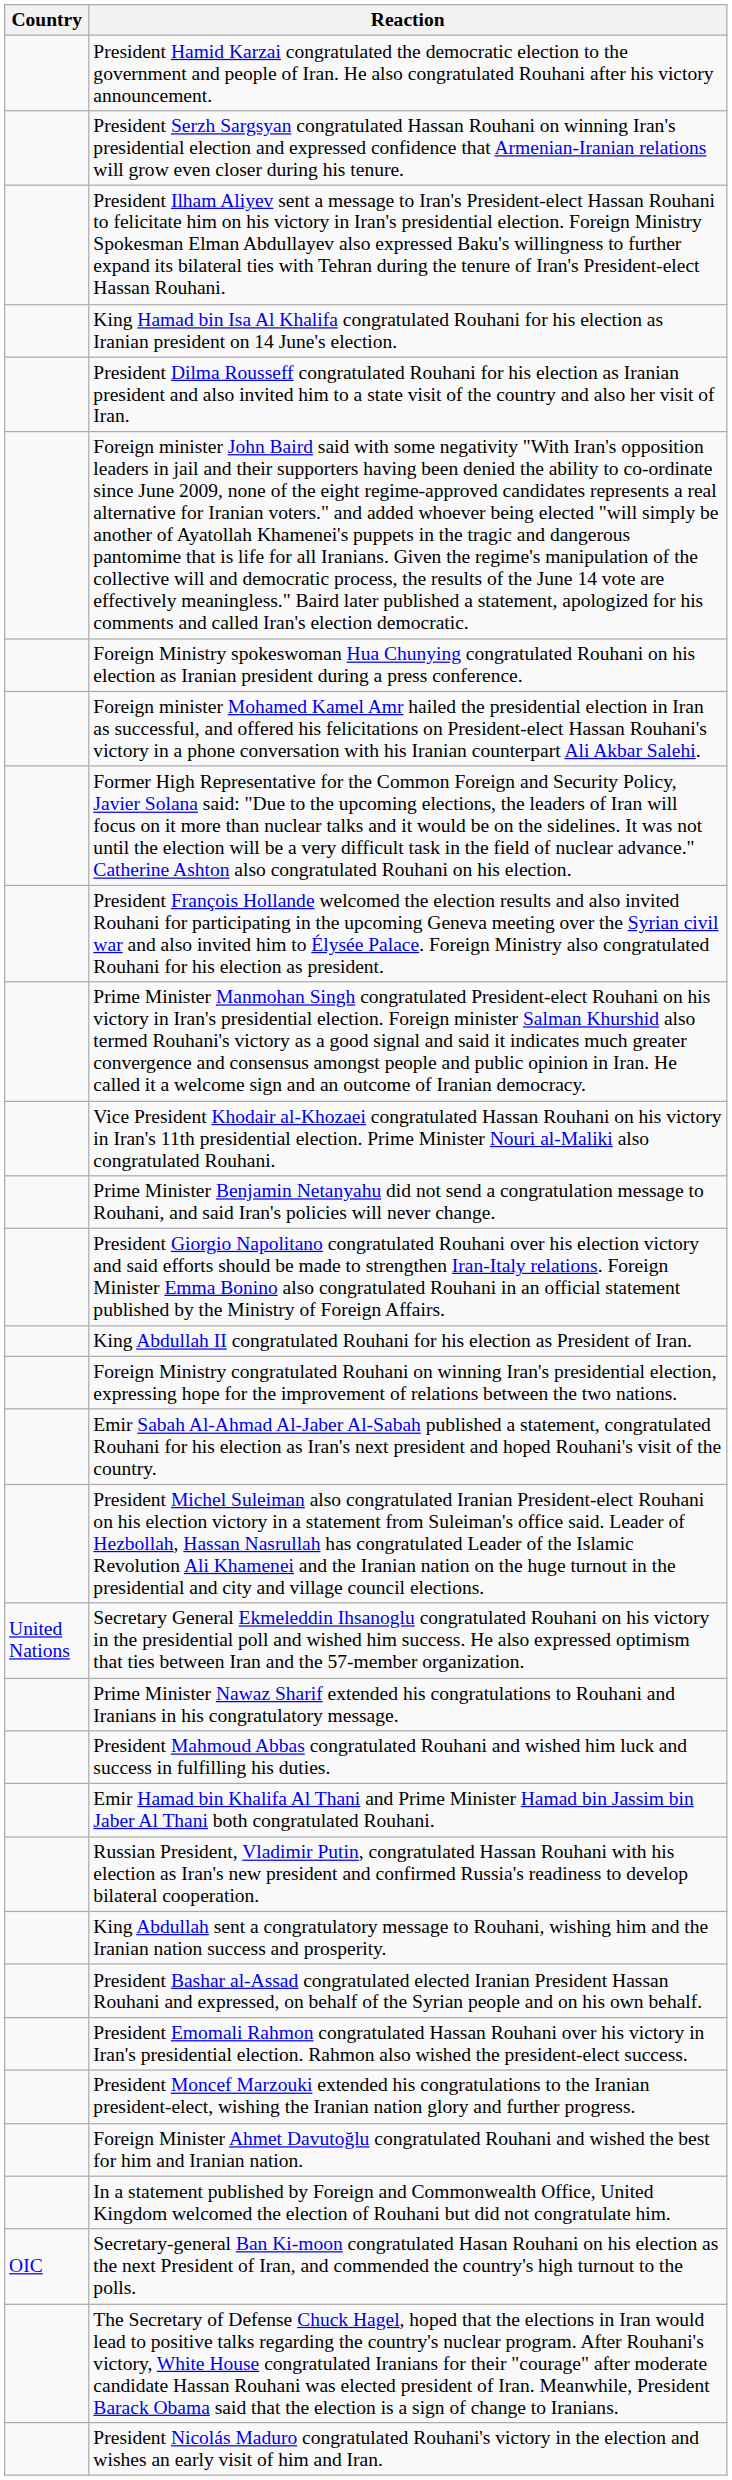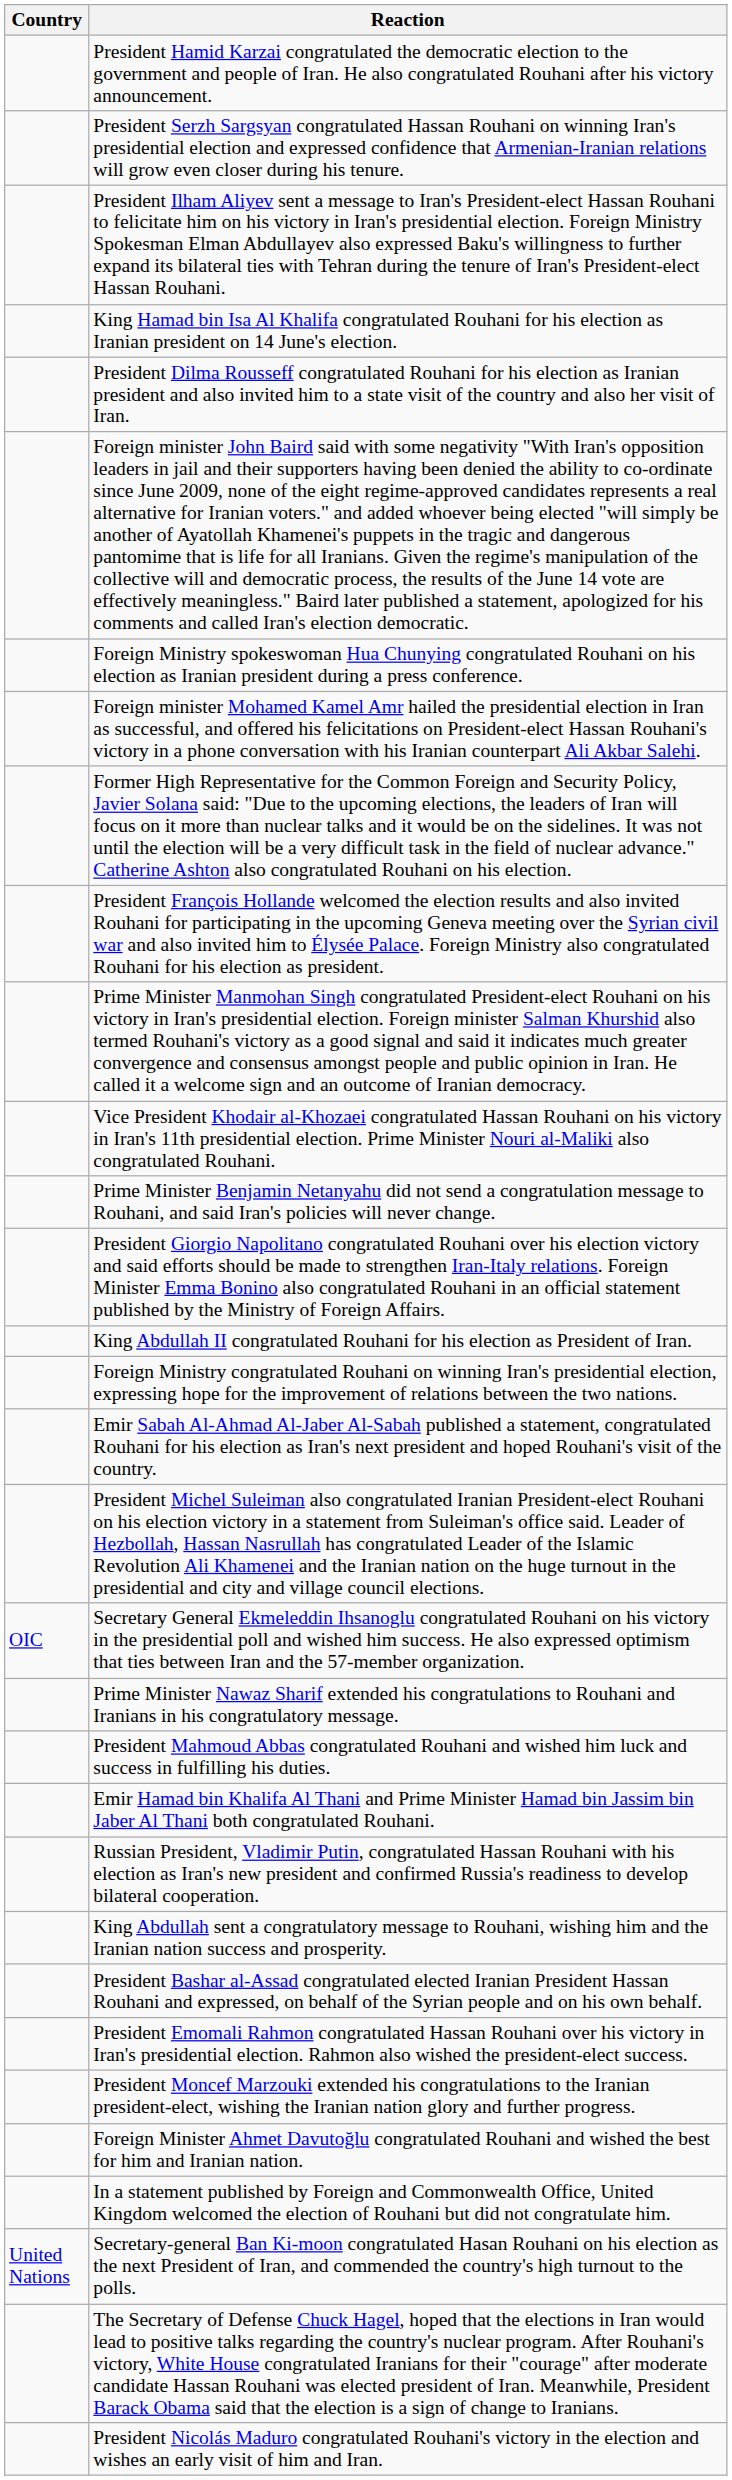 <table class="wikitable sortable collapsible collapsed" style="width:95%;">
 <tr>
 <th>Country</th>
 <th>Reaction</th>
 </tr>
 <tr>
 <td></td>
 <td>President <a href='#'>Hamid Karzai</a> congratulated the democratic election to the government and people of Iran. He also congratulated Rouhani after his victory announcement.</td>
 </tr>
 <tr>
 <td></td>
 <td>President <a href='#'>Serzh Sargsyan</a> congratulated Hassan Rouhani on winning Iran's presidential election and expressed confidence that <a href='#'>Armenian-Iranian relations</a> will grow even closer during his tenure.</td>
 </tr>
 <tr>
 <td></td>
 <td>President <a href='#'>Ilham Aliyev</a> sent a message to Iran's President-elect Hassan Rouhani to felicitate him on his victory in Iran's presidential election. Foreign Ministry Spokesman Elman Abdullayev also expressed Baku's willingness to further expand its bilateral ties with Tehran during the tenure of Iran's President-elect Hassan Rouhani.</td>
 </tr>
 <tr>
 <td></td>
 <td>King <a href='#'>Hamad bin Isa Al Khalifa</a> congratulated Rouhani for his election as Iranian president on 14 June's election.</td>
 </tr>
 <tr>
 <td></td>
 <td>President <a href='#'>Dilma Rousseff</a> congratulated Rouhani for his election as Iranian president and also invited him to a state visit of the country and also her visit of Iran.</td>
 </tr>
 <tr>
 <td></td>
 <td>Foreign minister <a href='#'>John Baird</a> said with some negativity "With Iran's opposition leaders in jail and their supporters having been denied the ability to co-ordinate since June 2009, none of the eight regime-approved candidates represents a real alternative for Iranian voters." and added whoever being elected "will simply be another of Ayatollah Khamenei's puppets in the tragic and dangerous pantomime that is life for all Iranians. Given the regime's manipulation of the collective will and democratic process, the results of the June 14 vote are effectively meaningless." Baird later published a statement, apologized for his comments and called Iran's election democratic.</td>
 </tr>
 <tr>
 <td></td>
 <td>Foreign Ministry spokeswoman <a href='#'>Hua Chunying</a> congratulated Rouhani on his election as Iranian president during a press conference.</td>
 </tr>
 <tr>
 <td></td>
 <td>Foreign minister <a href='#'>Mohamed Kamel Amr</a> hailed the presidential election in Iran as successful, and offered his felicitations on President-elect Hassan Rouhani's victory in a phone conversation with his Iranian counterpart <a href='#'>Ali Akbar Salehi</a>.</td>
 </tr>
 <tr>
 <td></td>
 <td>Former High Representative for the Common Foreign and Security Policy, <a href='#'>Javier Solana</a> said: "Due to the upcoming elections, the leaders of Iran will focus on it more than nuclear talks and it would be on the sidelines. It was not until the election will be a very difficult task in the field of nuclear advance." <a href='#'>Catherine Ashton</a> also congratulated Rouhani on his election.</td>
 </tr>
 <tr>
 <td></td>
 <td>President <a href='#'>François Hollande</a> welcomed the election results and also invited Rouhani for participating in the upcoming Geneva meeting over the <a href='#'>Syrian civil war</a> and also invited him to <a href='#'>Élysée Palace</a>. Foreign Ministry also congratulated Rouhani for his election as president.</td>
 </tr>
 <tr>
 <td></td>
 <td>Prime Minister <a href='#'>Manmohan Singh</a> congratulated President-elect Rouhani on his victory in Iran's presidential election. Foreign minister <a href='#'>Salman Khurshid</a> also termed Rouhani's victory as a good signal and said it indicates much greater convergence and consensus amongst people and public opinion in Iran. He called it a welcome sign and an outcome of Iranian democracy.</td>
 </tr>
 <tr>
 <td></td>
 <td>Vice President <a href='#'>Khodair al-Khozaei</a> congratulated Hassan Rouhani on his victory in Iran's 11th presidential election. Prime Minister <a href='#'>Nouri al-Maliki</a> also congratulated Rouhani.</td>
 </tr>
 <tr>
 <td></td>
 <td>Prime Minister <a href='#'>Benjamin Netanyahu</a> did not send a congratulation message to Rouhani, and said Iran's policies will never change.</td>
 </tr>
 <tr>
 <td></td>
 <td>President <a href='#'>Giorgio Napolitano</a> congratulated Rouhani over his election victory and said efforts should be made to strengthen <a href='#'>Iran-Italy relations</a>. Foreign Minister <a href='#'>Emma Bonino</a> also congratulated Rouhani in an official statement published by the Ministry of Foreign Affairs.</td>
 </tr>
 <tr>
 <td></td>
 <td>King <a href='#'>Abdullah II</a> congratulated Rouhani for his election as President of Iran.</td>
 </tr>
 <tr>
 <td></td>
 <td>Foreign Ministry congratulated Rouhani on winning Iran's presidential election, expressing hope for the improvement of relations between the two nations.</td>
 </tr>
 <tr>
 <td></td>
 <td>Emir <a href='#'>Sabah Al-Ahmad Al-Jaber Al-Sabah</a> published a statement, congratulated Rouhani for his election as Iran's next president and hoped Rouhani's visit of the country.</td>
 </tr>
 <tr>
 <td></td>
 <td>President <a href='#'>Michel Suleiman</a> also congratulated Iranian President-elect Rouhani on his election victory in a statement from Suleiman's office said. Leader of <a href='#'>Hezbollah</a>, <a href='#'>Hassan Nasrullah</a> has congratulated Leader of the Islamic Revolution <a href='#'>Ali Khamenei</a> and the Iranian nation on the huge turnout in the presidential and city and village council elections.</td>
 </tr>
 <tr>
-<td> <a href='#'>United Nations</a></td>
+<td> <a href='#'>OIC</a></td>
 <td>Secretary General <a href='#'>Ekmeleddin Ihsanoglu</a> congratulated Rouhani on his victory in the presidential poll and wished him success. He also expressed optimism that ties between Iran and the 57-member organization.</td>
 </tr>
 <tr>
 <td></td>
 <td>Prime Minister <a href='#'>Nawaz Sharif</a> extended his congratulations to Rouhani and Iranians in his congratulatory message.</td>
 </tr>
 <tr>
 <td></td>
 <td>President <a href='#'>Mahmoud Abbas</a> congratulated Rouhani and wished him luck and success in fulfilling his duties.</td>
 </tr>
 <tr>
 <td></td>
 <td>Emir <a href='#'>Hamad bin Khalifa Al Thani</a> and Prime Minister <a href='#'>Hamad bin Jassim bin Jaber Al Thani</a> both congratulated Rouhani.</td>
 </tr>
 <tr>
 <td></td>
 <td>Russian President, <a href='#'>Vladimir Putin</a>, congratulated Hassan Rouhani with his election as Iran's new president and confirmed Russia's readiness to develop bilateral cooperation.</td>
 </tr>
 <tr>
 <td></td>
 <td>King <a href='#'>Abdullah</a> sent a congratulatory message to Rouhani, wishing him and the Iranian nation success and prosperity.</td>
 </tr>
 <tr>
 <td></td>
 <td>President <a href='#'>Bashar al-Assad</a> congratulated elected Iranian President Hassan Rouhani and expressed, on behalf of the Syrian people and on his own behalf.</td>
 </tr>
 <tr>
 <td></td>
 <td>President <a href='#'>Emomali Rahmon</a> congratulated Hassan Rouhani over his victory in Iran's presidential election. Rahmon also wished the president-elect success.</td>
 </tr>
 <tr>
 <td></td>
 <td>President <a href='#'>Moncef Marzouki</a> extended his congratulations to the Iranian president-elect, wishing the Iranian nation glory and further progress.</td>
 </tr>
 <tr>
 <td></td>
 <td>Foreign Minister <a href='#'>Ahmet Davutoğlu</a> congratulated Rouhani and wished the best for him and Iranian nation.</td>
 </tr>
 <tr>
 <td></td>
 <td>In a statement published by Foreign and Commonwealth Office, United Kingdom welcomed the election of Rouhani but did not congratulate him.</td>
 </tr>
 <tr>
-<td> <a href='#'>OIC</a></td>
+<td> <a href='#'>United Nations</a></td>
 <td>Secretary-general <a href='#'>Ban Ki-moon</a> congratulated Hasan Rouhani on his election as the next President of Iran, and commended the country's high turnout to the polls.</td>
 </tr>
 <tr>
 <td></td>
 <td>The Secretary of Defense <a href='#'>Chuck Hagel</a>, hoped that the elections in Iran would lead to positive talks regarding the country's nuclear program. After Rouhani's victory, <a href='#'>White House</a> congratulated Iranians for their "courage" after moderate candidate Hassan Rouhani was elected president of Iran. Meanwhile, President <a href='#'>Barack Obama</a> said that the election is a sign of change to Iranians.</td>
 </tr>
 <tr>
 <td></td>
 <td>President <a href='#'>Nicolás Maduro</a> congratulated Rouhani's victory in the election and wishes an early visit of him and Iran.</td>
 </tr>
 </table>
